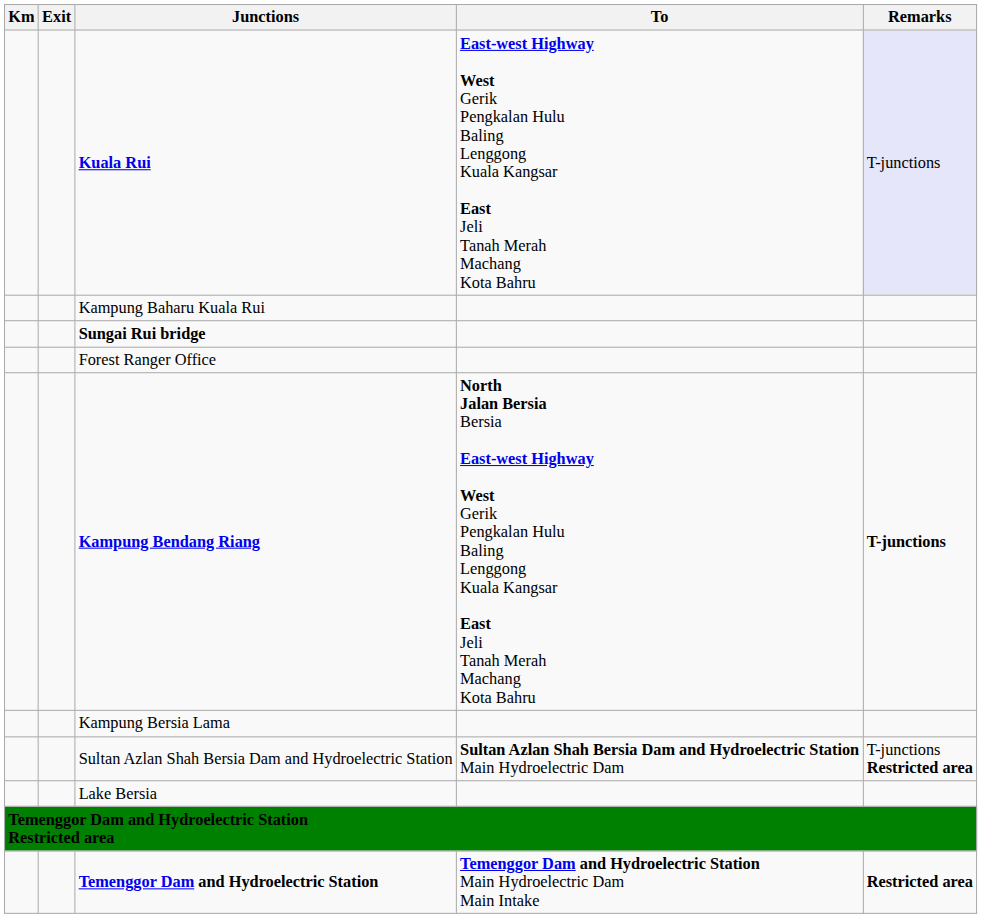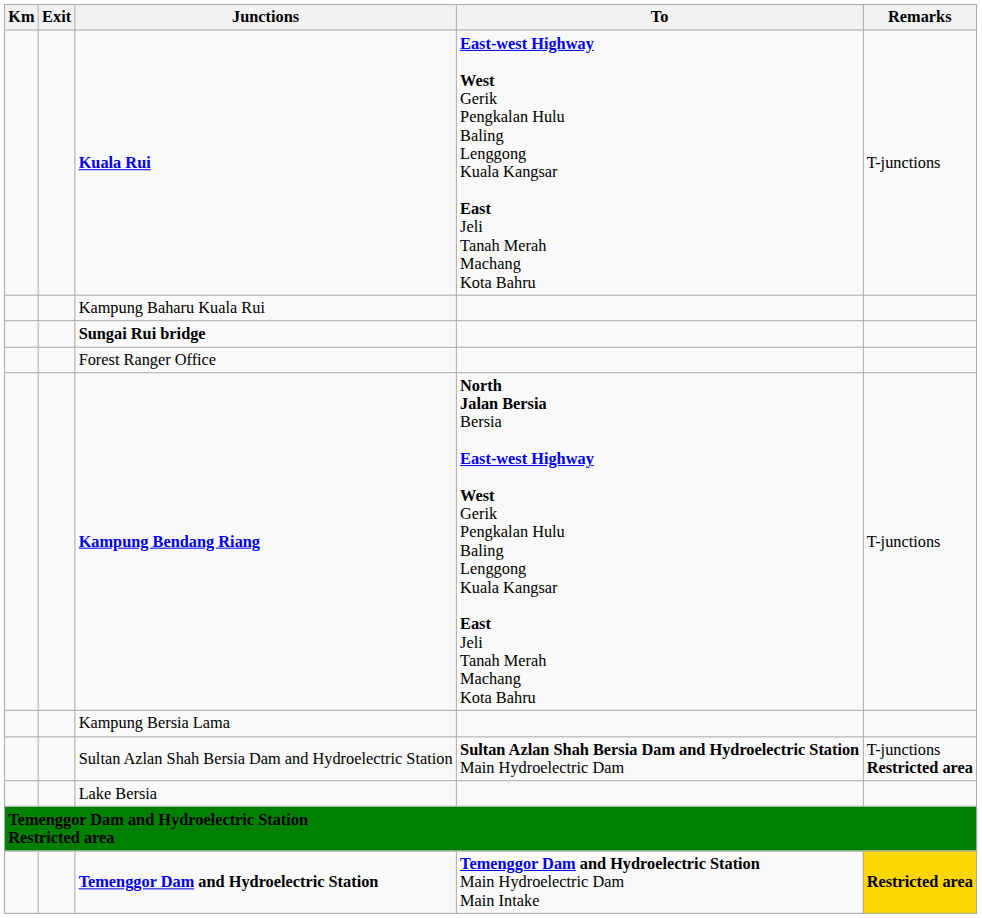 <table class="wikitable">
 <tr>
 <th>Km</th>
 <th>Exit</th>
 <th>Junctions</th>
 <th>To</th>
 <th>Remarks</th>
 </tr>
 <tr>
 <td></td>
 <td></td>
 <td><strong><a href='#'>Kuala Rui</a></strong></td>
 <td>  <strong><a href='#'>East-west Highway</a></strong><br><br><strong>West</strong><br>  Gerik<br> Pengkalan Hulu<br> Baling<br> Lenggong<br> Kuala Kangsar<br><br><strong>East</strong><br>  Jeli<br>  Tanah Merah<br>  Machang<br> Kota Bahru</td>
-<td style="background: lavender;">T-junctions</td>
+<td>T-junctions</td>
 </tr>
 <tr>
 <td></td>
 <td></td>
 <td>Kampung Baharu Kuala Rui</td>
 <td></td>
 <td></td>
 </tr>
 <tr>
 <td></td>
 <td></td>
 <td><strong>Sungai Rui bridge</strong></td>
 <td></td>
 <td></td>
 </tr>
 <tr>
 <td></td>
 <td></td>
 <td>Forest Ranger Office</td>
 <td></td>
 <td></td>
 </tr>
 <tr>
 <td></td>
 <td></td>
 <td><strong><a href='#'>Kampung Bendang Riang</a></strong></td>
 <td><strong>North</strong><br><strong>Jalan Bersia</strong><br>Bersia<br><br>  <strong><a href='#'>East-west Highway</a></strong><br><br><strong>West</strong><br>  Gerik<br> Pengkalan Hulu<br> Baling<br> Lenggong<br> Kuala Kangsar<br><br><strong>East</strong><br>  Jeli<br>  Tanah Merah<br>  Machang<br> Kota Bahru</td>
-<td><strong>T-junctions</strong></td>
+<td>T-junctions</td>
 </tr>
 <tr>
 <td></td>
 <td></td>
 <td>Kampung Bersia Lama</td>
 <td></td>
 <td></td>
 </tr>
 <tr>
 <td></td>
 <td></td>
 <td>Sultan Azlan Shah Bersia Dam and Hydroelectric Station</td>
 <td><strong>Sultan Azlan Shah Bersia Dam and Hydroelectric Station</strong><br>Main Hydroelectric Dam</td>
 <td>T-junctions<br><strong><span>Restricted area</span></strong></td>
 </tr>
 <tr>
 <td></td>
 <td></td>
 <td>Lake Bersia</td>
 <td> </td>
 <td></td>
 </tr>
 <tr>
 <td style="width:600px" colspan="6" style="text-align:center" bgcolor="green"><strong><span>Temenggor Dam and Hydroelectric Station</span></strong><br><strong><span>Restricted area</span></strong></td>
 </tr>
 <tr>
 <td></td>
 <td></td>
 <td><strong><a href='#'>Temenggor Dam</a> and Hydroelectric Station</strong></td>
 <td><strong><a href='#'>Temenggor Dam</a> and Hydroelectric Station</strong><br>Main Hydroelectric Dam<br>Main Intake</td>
-<td><strong><span>Restricted area</span></strong></td>
+<td style="background: gold;"><strong><span>Restricted area</span></strong></td>
 </tr>
 </table>
